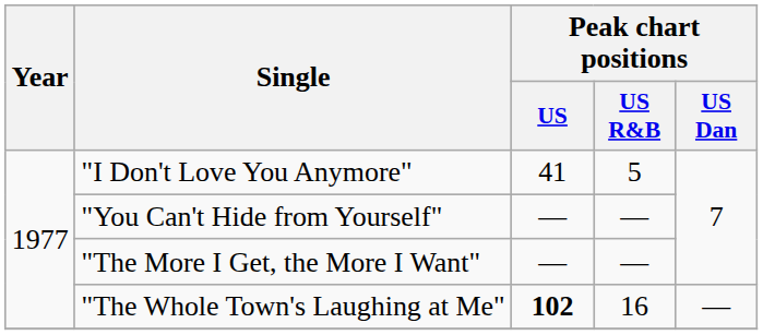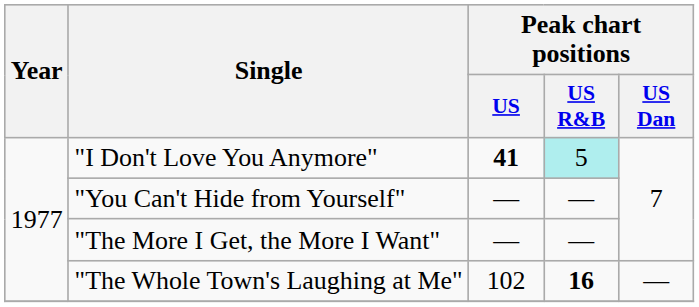 <table class="wikitable" style="text-align:center;">
 <tr>
 <th rowspan="2">Year</th>
 <th rowspan="2">Single</th>
 <th colspan="3">Peak chart positions</th>
 </tr>
 <tr style="font-size:smaller;">
 <th width="40"><a href='#'>US</a><br></th>
 <th width="40"><a href='#'>US<br>R&B</a><br></th>
 <th width="40"><a href='#'>US<br>Dan</a><br></th>
 </tr>
 <tr>
 <td rowspan="4">1977</td>
 <td align="left">"I Don't Love You Anymore"</td>
-<td>41</td>
-<td>5</td>
+<td><strong>41</strong></td>
+<td style="background: paleturquoise;">5</td>
 <td rowspan="3">7</td>
 </tr>
 <tr>
 <td align="left">"You Can't Hide from Yourself"</td>
 <td>—</td>
 <td>—</td>
 </tr>
 <tr>
 <td align="left">"The More I Get, the More I Want"</td>
 <td>—</td>
 <td>—</td>
 </tr>
 <tr>
 <td align="left">"The Whole Town's Laughing at Me"</td>
-<td><strong>102</strong></td>
-<td>16</td>
+<td>102</td>
+<td><strong>16</strong></td>
 <td>—</td>
 </tr>
 <tr>
 </tr>
 </table>
